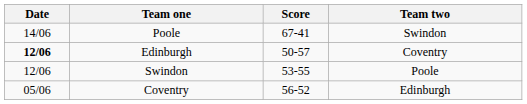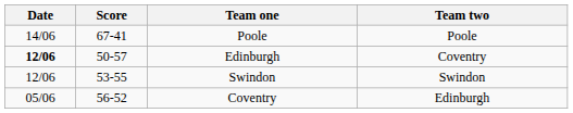 <table class="wikitable" style="text-align: center">
 <tr>
 <th width=80>Date</th>
+<th width=80>Score</th>
 <th width=250>Team one</th>
-<th width=80>Score</th>
 <th width=250>Team two</th>
 </tr>
 <tr>
 <td>14/06</td>
+<td>67-41</td>
 <td>Poole</td>
-<td>67-41</td>
-<td>Swindon</td>
+<td>Poole</td>
 </tr>
 <tr>
 <td><strong>12/06</strong></td>
+<td>50-57</td>
 <td>Edinburgh</td>
-<td>50-57</td>
 <td>Coventry</td>
 </tr>
 <tr>
 <td>12/06</td>
+<td>53-55</td>
 <td>Swindon</td>
-<td>53-55</td>
-<td>Poole</td>
+<td>Swindon</td>
 </tr>
 <tr>
 <td>05/06</td>
+<td>56-52</td>
 <td>Coventry</td>
-<td>56-52</td>
 <td>Edinburgh</td>
 </tr>
 </table>
